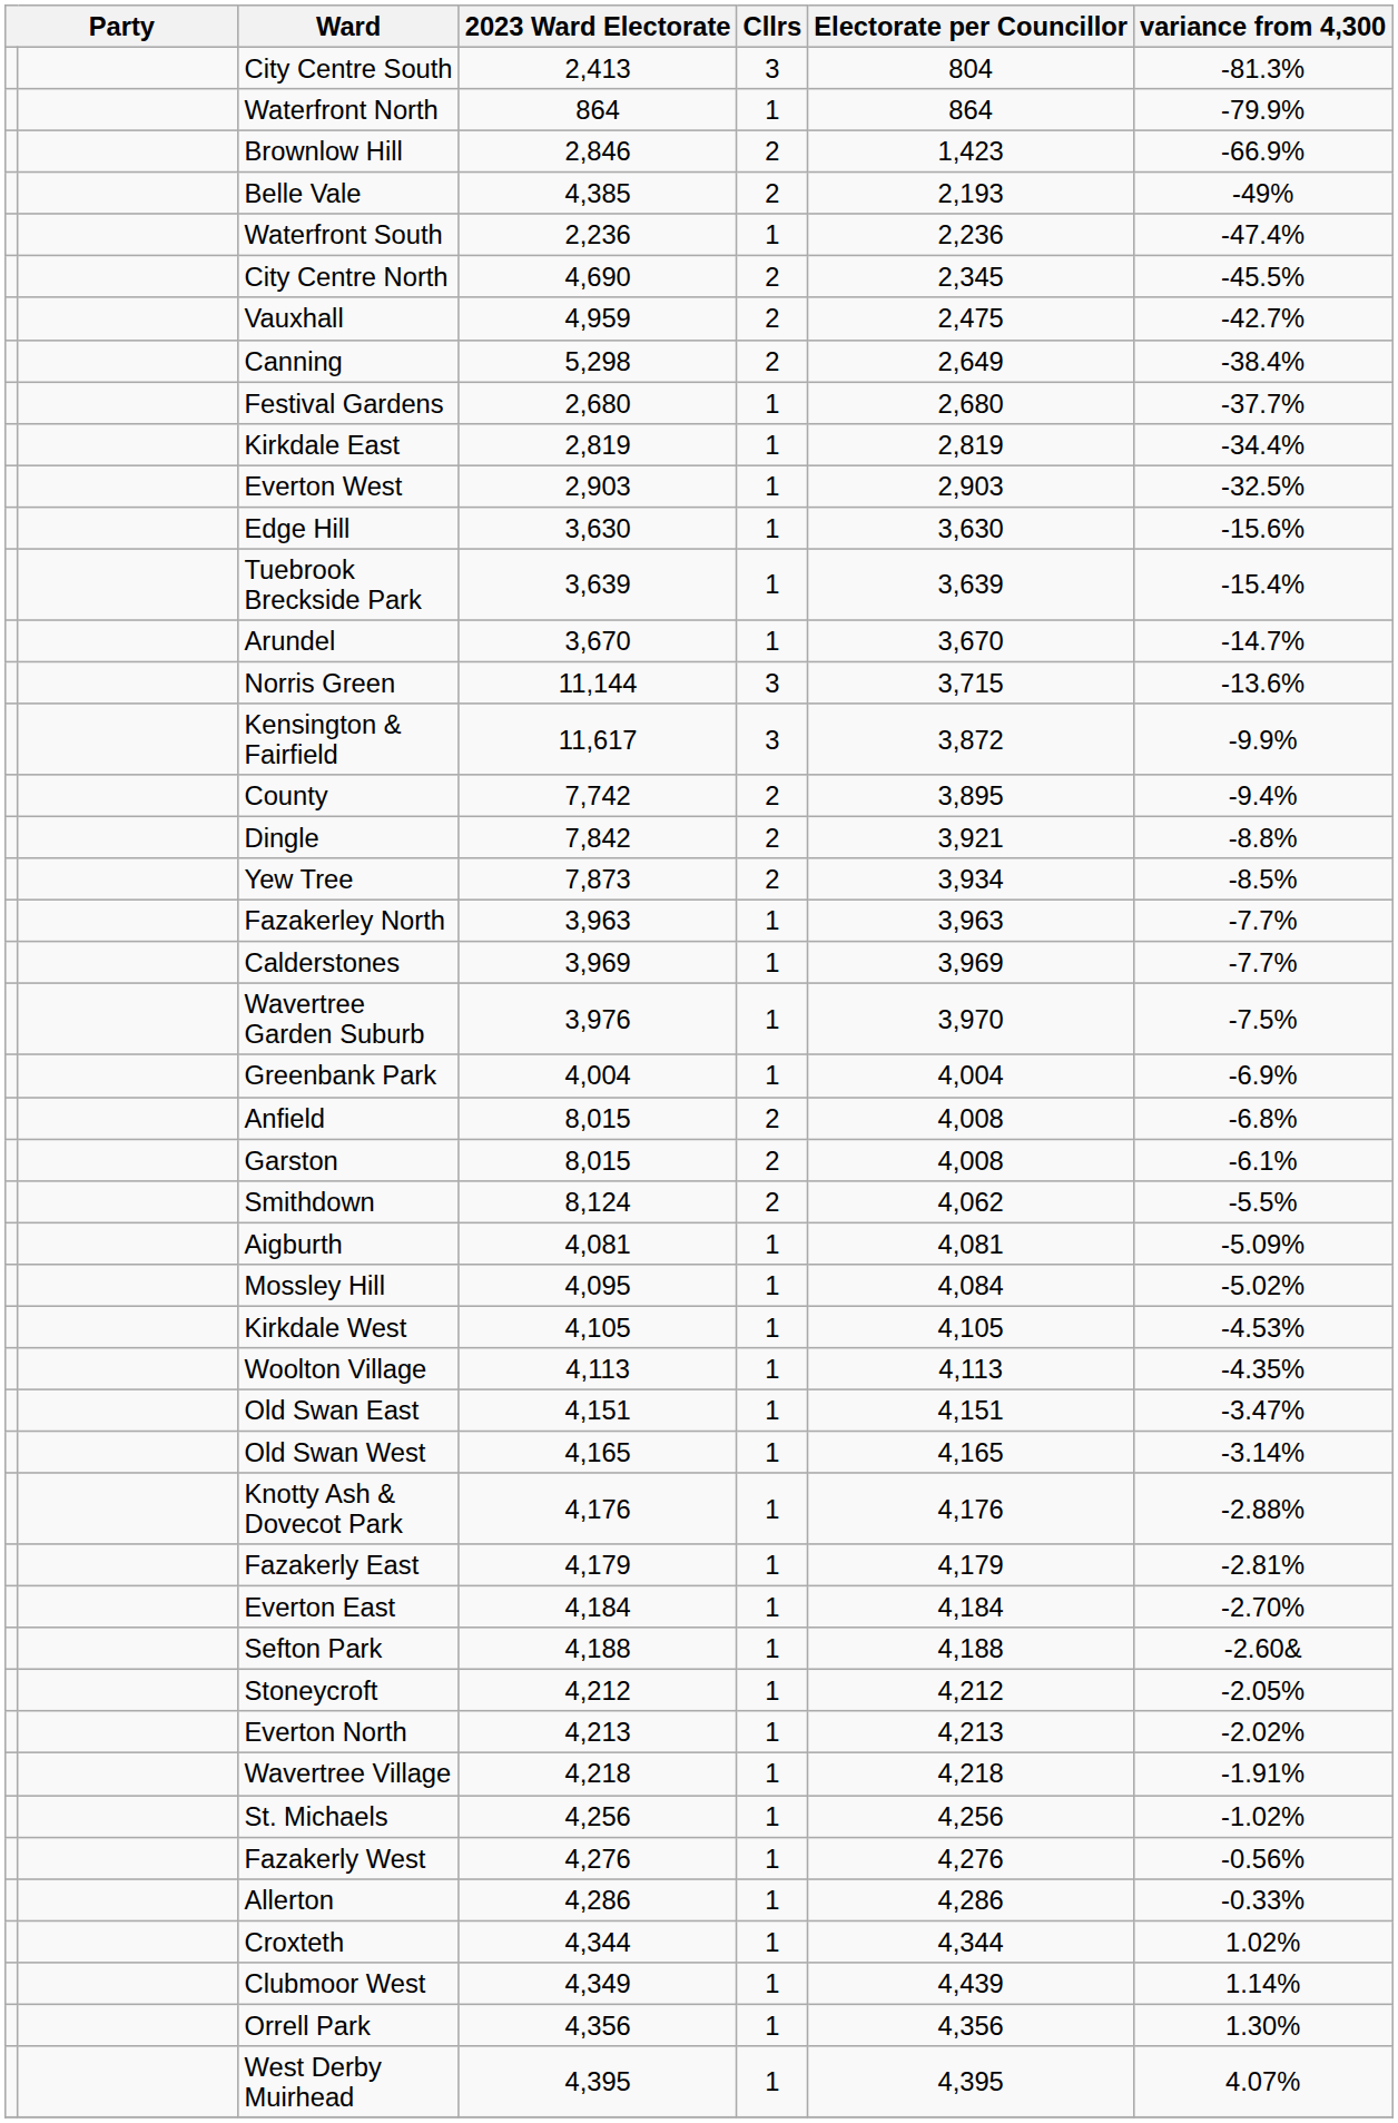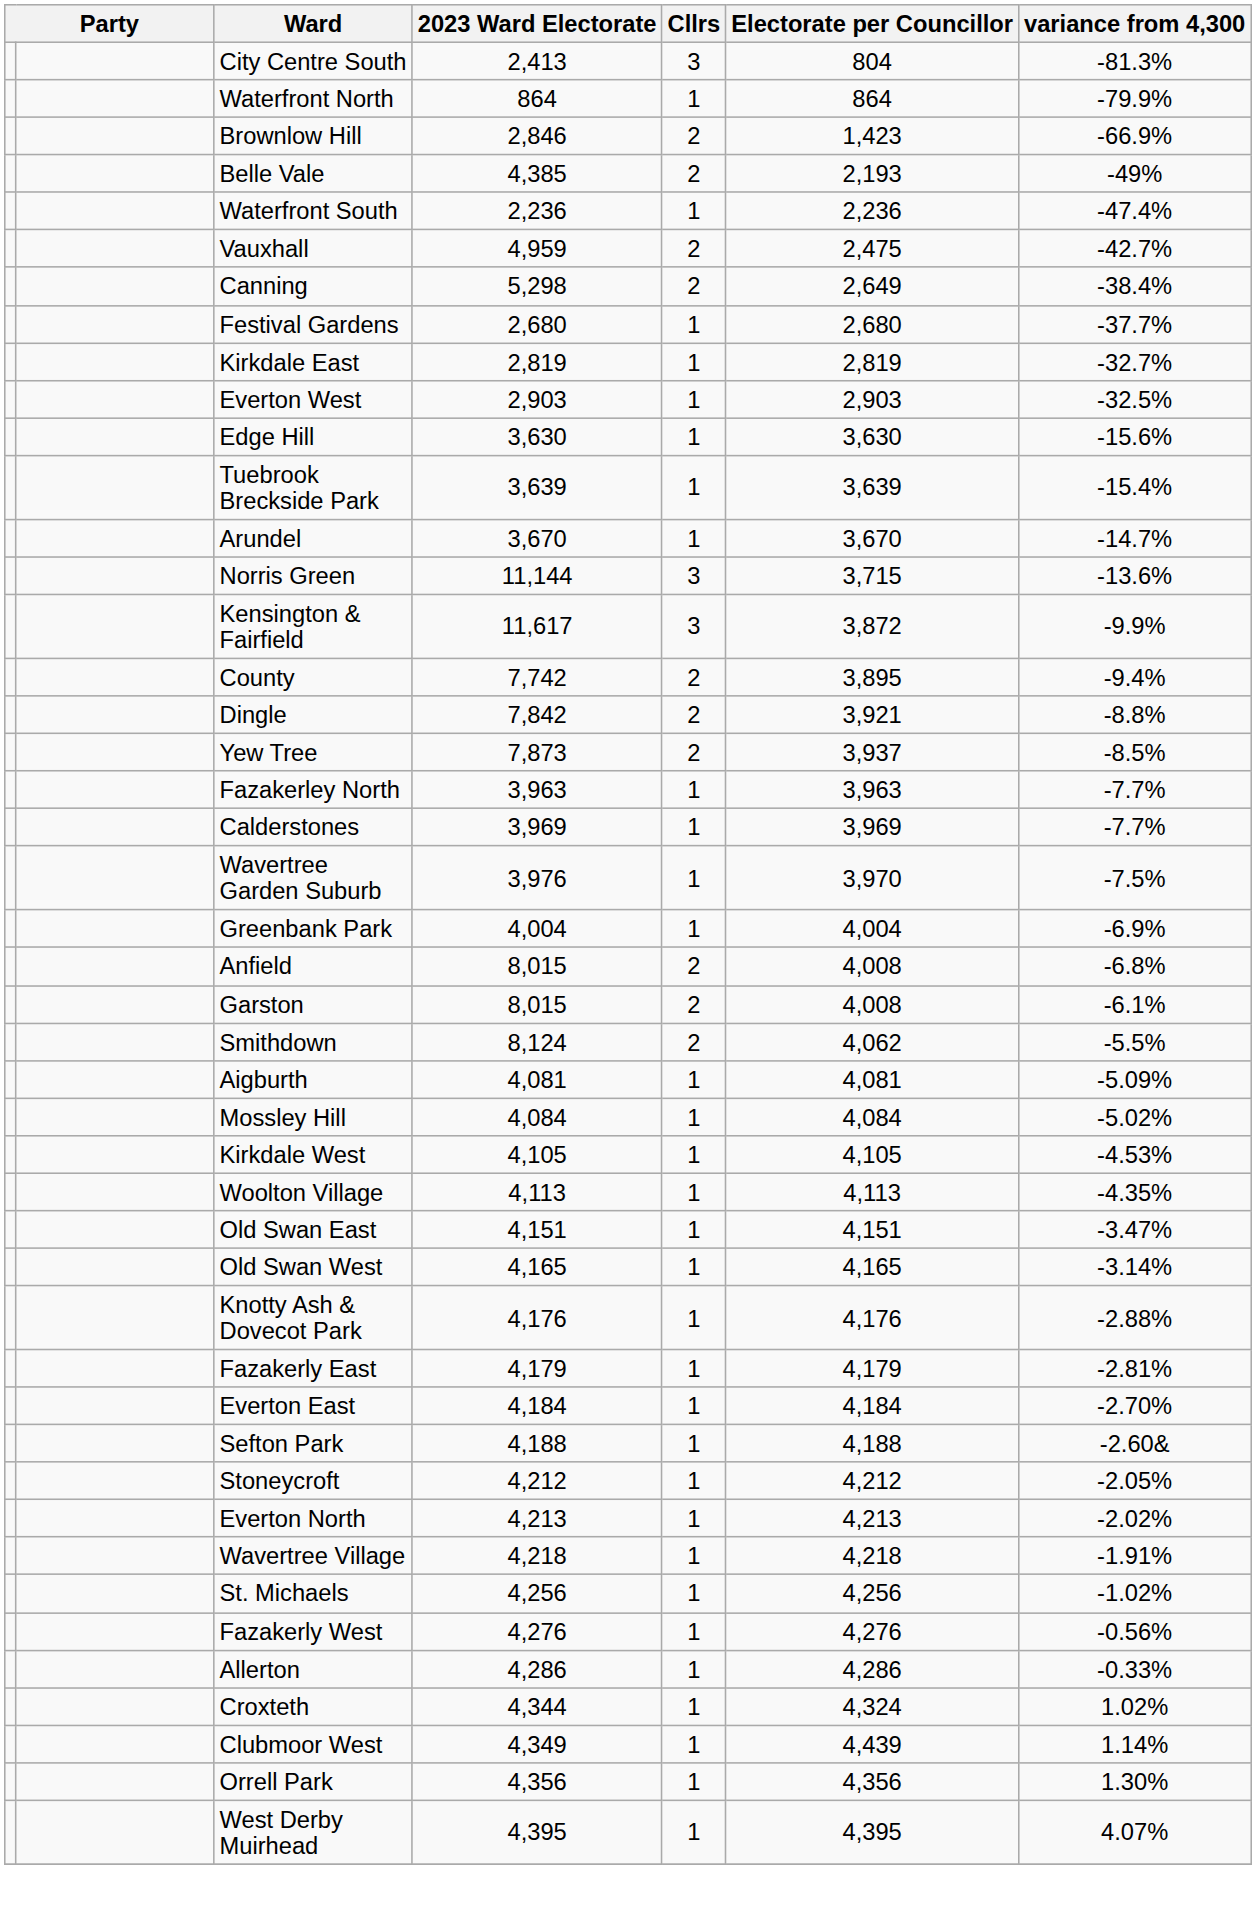 <table class="wikitable" style="font-size:95%">
 <tr>
 <th colspan="2">Party</th>
 <th colspan="1">Ward</th>
 <th colspan="1">2023 Ward Electorate</th>
 <th colspan="1">Cllrs</th>
 <th colspan="1">Electorate per Councillor</th>
 <th colspan="1">variance from 4,300</th>
 </tr>
 <tr>
 <td style="background-color: "></td>
 <td style="width: 90px"><a href='#'></a></td>
 <td>City Centre South</td>
 <td style="text-align:center; ">2,413</td>
 <td style="text-align:center; ">3</td>
 <td style="text-align:center; ">804</td>
 <td style="text-align:center; ">-81.3%</td>
 </tr>
 <tr>
 <td style="background-color: "></td>
 <td style="width: 120px"><a href='#'></a></td>
 <td style="width: 120px""text-align:right; ">Waterfront North</td>
 <td style="text-align:center; ">864</td>
 <td style="text-align:center; ">1</td>
 <td style="text-align:center; ">864</td>
 <td style="text-align:center; ">-79.9%</td>
 </tr>
 <tr>
 <td style="background-color: "></td>
 <td style="width: 90px"><a href='#'></a></td>
 <td>Brownlow Hill</td>
 <td style="text-align:center; ">2,846</td>
 <td style="text-align:center; ">2</td>
 <td style="text-align:center; ">1,423</td>
 <td style="text-align:center; ">-66.9%</td>
 </tr>
 <tr>
 <td style="background-color: "></td>
 <td style="width: 90px"><a href='#'></a></td>
 <td>Belle Vale</td>
 <td style="text-align:center; ">4,385</td>
 <td style="text-align:center; ">2</td>
 <td style="text-align:center; ">2,193</td>
 <td style="text-align:center; ">-49%</td>
 </tr>
 <tr>
 <td style="background-color: "></td>
 <td style="width: 90px"><a href='#'></a></td>
 <td>Waterfront South</td>
 <td style="text-align:center; ">2,236</td>
 <td style="text-align:center; ">1</td>
 <td style="text-align:center; ">2,236</td>
 <td style="text-align:center; ">-47.4%</td>
 </tr>
 <tr>
 <td style="background-color: "></td>
 <td style="width: 90px"><a href='#'></a></td>
-<td>City Centre North</td>
-<td style="text-align:center; ">4,690</td>
-<td style="text-align:center; ">2</td>
-<td style="text-align:center; ">2,345</td>
-<td style="text-align:center; ">-45.5%</td>
-</tr>
-<tr>
-<td style="background-color: "></td>
-<td style="width: 90px"><a href='#'></a></td>
 <td>Vauxhall</td>
 <td style="text-align:center; ">4,959</td>
 <td style="text-align:center; ">2</td>
 <td style="text-align:center; ">2,475</td>
 <td style="text-align:center; ">-42.7%</td>
 </tr>
 <tr>
 <td style="background-color: "></td>
 <td style="width: 90px"><a href='#'></a></td>
 <td>Canning</td>
 <td style="text-align:center; ">5,298</td>
 <td style="text-align:center; ">2</td>
 <td style="text-align:center; ">2,649</td>
 <td style="text-align:center; ">-38.4%</td>
 </tr>
 <tr>
 <td style="background-color: "></td>
 <td style="width: 90px"><a href='#'></a></td>
 <td>Festival Gardens</td>
 <td style="text-align:center; ">2,680</td>
 <td style="text-align:center; ">1</td>
 <td style="text-align:center; ">2,680</td>
 <td style="text-align:center; ">-37.7%</td>
 </tr>
 <tr>
 <td style="background-color: "></td>
 <td style="width: 90px"><a href='#'></a></td>
 <td>Kirkdale East</td>
 <td style="text-align:center; ">2,819</td>
 <td style="text-align:center; ">1</td>
 <td style="text-align:center; ">2,819</td>
-<td style="text-align:center; ">-34.4%</td>
+<td style="text-align:center; ">-32.7%</td>
 </tr>
 <tr>
 <td style="background-color: "></td>
 <td style="width: 90px"><a href='#'></a></td>
 <td>Everton West</td>
 <td style="text-align:center; ">2,903</td>
 <td style="text-align:center; ">1</td>
 <td style="text-align:center; ">2,903</td>
 <td style="text-align:center; ">-32.5%</td>
 </tr>
 <tr>
 <td style="background-color: "></td>
 <td style="width: 90px"><a href='#'></a></td>
 <td>Edge Hill</td>
 <td style="text-align:center; ">3,630</td>
 <td style="text-align:center; ">1</td>
 <td style="text-align:center; ">3,630</td>
 <td style="text-align:center; ">-15.6%</td>
 </tr>
 <tr>
 <td style="background-color: "></td>
 <td style="width: 90px"><a href='#'></a></td>
 <td>Tuebrook Breckside Park</td>
 <td style="text-align:center; ">3,639</td>
 <td style="text-align:center; ">1</td>
 <td style="text-align:center; ">3,639</td>
 <td style="text-align:center; ">-15.4%</td>
 </tr>
 <tr>
 <td style="background-color: "></td>
 <td style="width: 90px"><a href='#'></a></td>
 <td>Arundel</td>
 <td style="text-align:center; ">3,670</td>
 <td style="text-align:center; ">1</td>
 <td style="text-align:center; ">3,670</td>
 <td style="text-align:center; ">-14.7%</td>
 </tr>
 <tr>
 <td style="background-color: "></td>
 <td style="width: 90px"><a href='#'></a></td>
 <td>Norris Green</td>
 <td style="text-align:center; ">11,144</td>
 <td style="text-align:center; ">3</td>
 <td style="text-align:center; ">3,715</td>
 <td style="text-align:center; ">-13.6%</td>
 </tr>
 <tr>
 <td style="background-color: "></td>
 <td style="width: 90px"><a href='#'></a></td>
 <td>Kensington & Fairfield</td>
 <td style="text-align:center; ">11,617</td>
 <td style="text-align:center; ">3</td>
 <td style="text-align:center; ">3,872</td>
 <td style="text-align:center; ">-9.9%</td>
 </tr>
 <tr>
 <td style="background-color: "></td>
 <td style="width: 90px"><a href='#'></a></td>
 <td>County</td>
 <td style="text-align:center; ">7,742</td>
 <td style="text-align:center; ">2</td>
 <td style="text-align:center; ">3,895</td>
 <td style="text-align:center; ">-9.4%</td>
 </tr>
 <tr>
 <td style="background-color: "></td>
 <td style="width: 90px"><a href='#'></a></td>
 <td>Dingle</td>
 <td style="text-align:center; ">7,842</td>
 <td style="text-align:center; ">2</td>
 <td style="text-align:center; ">3,921</td>
 <td style="text-align:center; ">-8.8%</td>
 </tr>
 <tr>
 <td style="background-color: "></td>
 <td style="width: 90px"><a href='#'></a></td>
 <td>Yew Tree</td>
 <td style="text-align:center; ">7,873</td>
 <td style="text-align:center; ">2</td>
-<td style="text-align:center; ">3,934</td>
+<td style="text-align:center; ">3,937</td>
 <td style="text-align:center; ">-8.5%</td>
 </tr>
 <tr>
 <td style="background-color: "></td>
 <td style="width: 90px"><a href='#'></a></td>
 <td>Fazakerley North</td>
 <td style="text-align:center; ">3,963</td>
 <td style="text-align:center; ">1</td>
 <td style="text-align:center; ">3,963</td>
 <td style="text-align:center; ">-7.7%</td>
 </tr>
 <tr>
 <td style="background-color: "></td>
 <td style="width: 90px"><a href='#'></a></td>
 <td>Calderstones</td>
 <td style="text-align:center; ">3,969</td>
 <td style="text-align:center; ">1</td>
 <td style="text-align:center; ">3,969</td>
 <td style="text-align:center; ">-7.7%</td>
 </tr>
 <tr>
 <td style="background-color: "></td>
 <td style="width: 90px"><a href='#'></a></td>
 <td>Wavertree Garden Suburb</td>
 <td style="text-align:center; ">3,976</td>
 <td style="text-align:center; ">1</td>
 <td style="text-align:center; ">3,970</td>
 <td style="text-align:center; ">-7.5%</td>
 </tr>
 <tr>
 <td style="background-color: "></td>
 <td style="width: 90px"><a href='#'></a></td>
 <td>Greenbank Park</td>
 <td style="text-align:center; ">4,004</td>
 <td style="text-align:center; ">1</td>
 <td style="text-align:center; ">4,004</td>
 <td style="text-align:center; ">-6.9%</td>
 </tr>
 <tr>
 <td style="background-color: "></td>
 <td style="width: 90px"><a href='#'></a></td>
 <td>Anfield</td>
 <td style="text-align:center; ">8,015</td>
 <td style="text-align:center; ">2</td>
 <td style="text-align:center; ">4,008</td>
 <td style="text-align:center; ">-6.8%</td>
 </tr>
 <tr>
 <td style="background-color: "></td>
 <td style="width: 90px"><a href='#'></a></td>
 <td>Garston</td>
 <td style="text-align:center; ">8,015</td>
 <td style="text-align:center; ">2</td>
 <td style="text-align:center; ">4,008</td>
 <td style="text-align:center; ">-6.1%</td>
 </tr>
 <tr>
 <td style="background-color: "></td>
 <td style="width: 90px"><a href='#'></a></td>
 <td>Smithdown</td>
 <td style="text-align:center; ">8,124</td>
 <td style="text-align:center; ">2</td>
 <td style="text-align:center; ">4,062</td>
 <td style="text-align:center; ">-5.5%</td>
 </tr>
 <tr>
 <td style="background-color: "></td>
 <td style="width: 90px"><a href='#'></a></td>
 <td>Aigburth</td>
 <td style="text-align:center; ">4,081</td>
 <td style="text-align:center; ">1</td>
 <td style="text-align:center; ">4,081</td>
 <td style="text-align:center; ">-5.09%</td>
 </tr>
 <tr>
 <td style="background-color: "></td>
 <td style="width: 90px"><a href='#'></a></td>
 <td>Mossley Hill</td>
-<td style="text-align:center; ">4,095</td>
+<td style="text-align:center; ">4,084</td>
 <td style="text-align:center; ">1</td>
 <td style="text-align:center; ">4,084</td>
 <td style="text-align:center; ">-5.02%</td>
 </tr>
 <tr>
 <td style="background-color: "></td>
 <td style="width: 90px"><a href='#'></a></td>
 <td>Kirkdale West</td>
 <td style="text-align:center; ">4,105</td>
 <td style="text-align:center; ">1</td>
 <td style="text-align:center; ">4,105</td>
 <td style="text-align:center; ">-4.53%</td>
 </tr>
 <tr>
 <td style="background-color: "></td>
 <td style="width: 90px"><a href='#'></a></td>
 <td>Woolton Village</td>
 <td style="text-align:center; ">4,113</td>
 <td style="text-align:center; ">1</td>
 <td style="text-align:center; ">4,113</td>
 <td style="text-align:center; ">-4.35%</td>
 </tr>
 <tr>
 <td style="background-color: "></td>
 <td style="width: 90px"><a href='#'></a></td>
 <td>Old Swan East</td>
 <td style="text-align:center; ">4,151</td>
 <td style="text-align:center; ">1</td>
 <td style="text-align:center; ">4,151</td>
 <td style="text-align:center; ">-3.47%</td>
 </tr>
 <tr>
 <td style="background-color: "></td>
 <td style="width: 90px"><a href='#'></a></td>
 <td>Old Swan West</td>
 <td style="text-align:center; ">4,165</td>
 <td style="text-align:center; ">1</td>
 <td style="text-align:center; ">4,165</td>
 <td style="text-align:center; ">-3.14%</td>
 </tr>
 <tr>
 <td style="background-color: "></td>
 <td style="width: 90px"><a href='#'></a></td>
 <td>Knotty Ash & Dovecot Park</td>
 <td style="text-align:center; ">4,176</td>
 <td style="text-align:center; ">1</td>
 <td style="text-align:center; ">4,176</td>
 <td style="text-align:center; ">-2.88%</td>
 </tr>
 <tr>
 <td style="background-color: "></td>
 <td style="width: 90px"><a href='#'></a></td>
 <td>Fazakerly East</td>
 <td style="text-align:center; ">4,179</td>
 <td style="text-align:center; ">1</td>
 <td style="text-align:center; ">4,179</td>
 <td style="text-align:center; ">-2.81%</td>
 </tr>
 <tr>
 <td style="background-color: "></td>
 <td style="width: 90px"><a href='#'></a></td>
 <td>Everton East</td>
 <td style="text-align:center; ">4,184</td>
 <td style="text-align:center; ">1</td>
 <td style="text-align:center; ">4,184</td>
 <td style="text-align:center; ">-2.70%</td>
 </tr>
 <tr>
 <td style="background-color: "></td>
 <td style="width: 90px"><a href='#'></a></td>
 <td>Sefton Park</td>
 <td style="text-align:center; ">4,188</td>
 <td style="text-align:center; ">1</td>
 <td style="text-align:center; ">4,188</td>
 <td style="text-align:center; ">-2.60&</td>
 </tr>
 <tr>
 <td style="background-color: "></td>
 <td style="width: 90px"><a href='#'></a></td>
 <td>Stoneycroft</td>
 <td style="text-align:center; ">4,212</td>
 <td style="text-align:center; ">1</td>
 <td style="text-align:center; ">4,212</td>
 <td style="text-align:center; ">-2.05%</td>
 </tr>
 <tr>
 <td style="background-color: "></td>
 <td style="width: 90px"><a href='#'></a></td>
 <td>Everton North</td>
 <td style="text-align:center; ">4,213</td>
 <td style="text-align:center; ">1</td>
 <td style="text-align:center; ">4,213</td>
 <td style="text-align:center; ">-2.02%</td>
 </tr>
 <tr>
 <td style="background-color: "></td>
 <td style="width: 90px"><a href='#'></a></td>
 <td>Wavertree Village</td>
 <td style="text-align:center; ">4,218</td>
 <td style="text-align:center; ">1</td>
 <td style="text-align:center; ">4,218</td>
 <td style="text-align:center; ">-1.91%</td>
 </tr>
 <tr>
 <td style="background-color: "></td>
 <td style="width: 90px"><a href='#'></a></td>
 <td>St. Michaels</td>
 <td style="text-align:center; ">4,256</td>
 <td style="text-align:center; ">1</td>
 <td style="text-align:center; ">4,256</td>
 <td style="text-align:center; ">-1.02%</td>
 </tr>
 <tr>
 <td style="background-color: "></td>
 <td style="width: 90px"><a href='#'></a></td>
 <td>Fazakerly West</td>
 <td style="text-align:center; ">4,276</td>
 <td style="text-align:center; ">1</td>
 <td style="text-align:center; ">4,276</td>
 <td style="text-align:center; ">-0.56%</td>
 </tr>
 <tr>
 <td style="background-color: "></td>
 <td style="width: 90px"><a href='#'></a></td>
 <td>Allerton</td>
 <td style="text-align:center; ">4,286</td>
 <td style="text-align:center; ">1</td>
 <td style="text-align:center; ">4,286</td>
 <td style="text-align:center; ">-0.33%</td>
 </tr>
 <tr>
 <td style="background-color: "></td>
 <td style="width: 90px"><a href='#'></a></td>
 <td>Croxteth</td>
 <td style="text-align:center; ">4,344</td>
 <td style="text-align:center; ">1</td>
-<td style="text-align:center; ">4,344</td>
+<td style="text-align:center; ">4,324</td>
 <td style="text-align:center; ">1.02%</td>
 </tr>
 <tr>
 <td style="background-color: "></td>
 <td style="width: 90px"><a href='#'></a></td>
 <td>Clubmoor West</td>
 <td style="text-align:center; ">4,349</td>
 <td style="text-align:center; ">1</td>
 <td style="text-align:center; ">4,439</td>
 <td style="text-align:center; ">1.14%</td>
 </tr>
 <tr>
 <td style="background-color: "></td>
 <td style="width: 90px"><a href='#'></a></td>
 <td>Orrell Park</td>
 <td style="text-align:center; ">4,356</td>
 <td style="text-align:center; ">1</td>
 <td style="text-align:center; ">4,356</td>
 <td style="text-align:center; ">1.30%</td>
 </tr>
 <tr>
 <td style="background-color: "></td>
 <td style="width: 90px"><a href='#'></a></td>
 <td>West Derby Muirhead</td>
 <td style="text-align:center; ">4,395</td>
 <td style="text-align:center; ">1</td>
 <td style="text-align:center; ">4,395</td>
 <td style="text-align:center; ">4.07%</td>
 </tr>
 <tr>
 </tr>
 </table>
